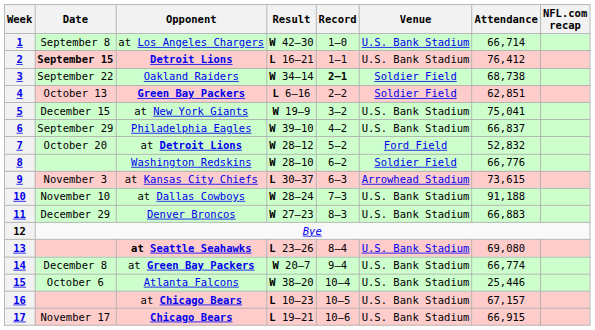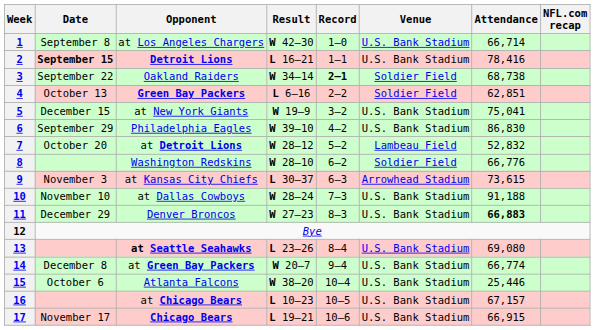 <table class="wikitable" style="text-align:center">
 <tr>
 <th>Week</th>
 <th>Date</th>
 <th>Opponent</th>
 <th>Result</th>
 <th>Record</th>
 <th>Venue</th>
 <th>Attendance</th>
 <th>NFL.com<br>recap</th>
 </tr>
 <tr style="background:#cfc">
 <th><a href='#'>1</a></th>
 <td>September 8</td>
 <td>at <a href='#'>Los Angeles Chargers</a></td>
 <td><strong>W</strong> 42–30</td>
 <td>1–0</td>
 <td><a href='#'>U.S. Bank Stadium</a></td>
 <td>66,714</td>
 <td></td>
 </tr>
 <tr style="background:#fcc">
 <th><a href='#'>2</a></th>
 <td><strong>September 15</strong></td>
 <td><strong><a href='#'>Detroit Lions</a></strong></td>
 <td><strong>L</strong> 16–21</td>
 <td>1–1</td>
 <td>U.S. Bank Stadium</td>
-<td>76,412</td>
+<td>78,416</td>
 <td></td>
 </tr>
 <tr style="background:#cfc">
 <th><a href='#'>3</a></th>
 <td>September 22</td>
 <td><a href='#'>Oakland Raiders</a></td>
 <td><strong>W</strong> 34–14</td>
 <td><strong>2–1</strong></td>
 <td><a href='#'>Soldier Field</a></td>
 <td>68,738</td>
 <td></td>
 </tr>
 <tr style="background:#fcc">
 <th><a href='#'>4</a></th>
 <td>October 13</td>
 <td><strong><a href='#'>Green Bay Packers</a></strong></td>
 <td><strong>L</strong> 6–16</td>
 <td>2–2</td>
 <td><a href='#'>Soldier Field</a></td>
 <td>62,851</td>
 <td></td>
 </tr>
 <tr style="background:#cfc">
 <th><a href='#'>5</a></th>
 <td>December 15</td>
 <td>at <a href='#'>New York Giants</a></td>
 <td><strong>W</strong> 19–9</td>
 <td>3–2</td>
 <td>U.S. Bank Stadium</td>
 <td>75,041</td>
 <td></td>
 </tr>
 <tr style="background:#cfc">
 <th><a href='#'>6</a></th>
 <td>September 29</td>
 <td><a href='#'>Philadelphia Eagles</a></td>
 <td><strong>W</strong> 39–10</td>
 <td>4–2</td>
 <td>U.S. Bank Stadium</td>
-<td>66,837</td>
+<td>86,830</td>
 <td></td>
 </tr>
 <tr style="background:#cfc">
 <th><a href='#'>7</a></th>
 <td>October 20</td>
 <td>at <strong><a href='#'>Detroit Lions</a></strong></td>
 <td><strong>W</strong> 28–12</td>
 <td>5–2</td>
-<td><a href='#'>Ford Field</a></td>
+<td><a href='#'>Lambeau Field</a></td>
 <td>52,832</td>
 <td></td>
 </tr>
 <tr style="background:#cfc">
 <th><a href='#'>8</a></th>
 <td></td>
 <td><a href='#'>Washington Redskins</a></td>
 <td><strong>W</strong> 28–10</td>
 <td>6–2</td>
 <td><a href='#'>Soldier Field</a></td>
 <td>66,776</td>
 <td></td>
 </tr>
 <tr style="background:#fcc">
 <th><a href='#'>9</a></th>
 <td>November 3</td>
 <td>at <a href='#'>Kansas City Chiefs</a></td>
 <td><strong>L</strong> 30–37</td>
 <td>6–3</td>
 <td><a href='#'>Arrowhead Stadium</a></td>
 <td>73,615</td>
 <td></td>
 </tr>
 <tr style="background:#cfc">
 <th><a href='#'>10</a></th>
 <td>November 10</td>
 <td>at <a href='#'>Dallas Cowboys</a></td>
 <td><strong>W</strong> 28–24</td>
 <td>7–3</td>
 <td>U.S. Bank Stadium</td>
 <td>91,188</td>
 <td></td>
 </tr>
 <tr style="background:#cfc">
 <th><a href='#'>11</a></th>
 <td>December 29</td>
 <td><a href='#'>Denver Broncos</a></td>
 <td><strong>W</strong> 27–23</td>
 <td>8–3</td>
 <td>U.S. Bank Stadium</td>
-<td>66,883</td>
+<td><strong>66,883</strong></td>
 <td></td>
 </tr>
 <tr>
 <th>12</th>
 <td colspan="7"><em><a href='#'>Bye</a></em></td>
 </tr>
 <tr style="background:#fcc">
 <th><a href='#'>13</a></th>
 <td></td>
 <td><strong>at <a href='#'>Seattle Seahawks</a></strong></td>
 <td><strong>L</strong> 23–26</td>
 <td>8–4</td>
 <td><a href='#'>U.S. Bank Stadium</a></td>
 <td>69,080</td>
 <td></td>
 </tr>
 <tr style="background:#cfc">
 <th><a href='#'>14</a></th>
 <td>December 8</td>
 <td>at <strong><a href='#'>Green Bay Packers</a></strong></td>
 <td><strong>W</strong> 20–7</td>
 <td>9–4</td>
 <td>U.S. Bank Stadium</td>
 <td>66,774</td>
 <td></td>
 </tr>
 <tr style="background:#cfc">
 <th><a href='#'>15</a></th>
 <td>October 6</td>
 <td><a href='#'>Atlanta Falcons</a></td>
 <td><strong>W</strong> 38–20</td>
 <td>10–4</td>
 <td>U.S. Bank Stadium</td>
 <td>25,446</td>
 <td></td>
 </tr>
 <tr style="background:#fcc">
 <th><a href='#'>16</a></th>
 <td></td>
 <td>at <strong><a href='#'>Chicago Bears</a></strong></td>
 <td><strong>L</strong> 10–23</td>
 <td>10–5</td>
 <td>U.S. Bank Stadium</td>
 <td>67,157</td>
 <td></td>
 </tr>
 <tr style="background:#fcc">
 <th><a href='#'>17</a></th>
 <td>November 17</td>
 <td><strong><a href='#'>Chicago Bears</a></strong></td>
 <td><strong>L</strong> 19–21</td>
 <td>10–6</td>
 <td>U.S. Bank Stadium</td>
 <td>66,915</td>
 <td></td>
 </tr>
 </table>
